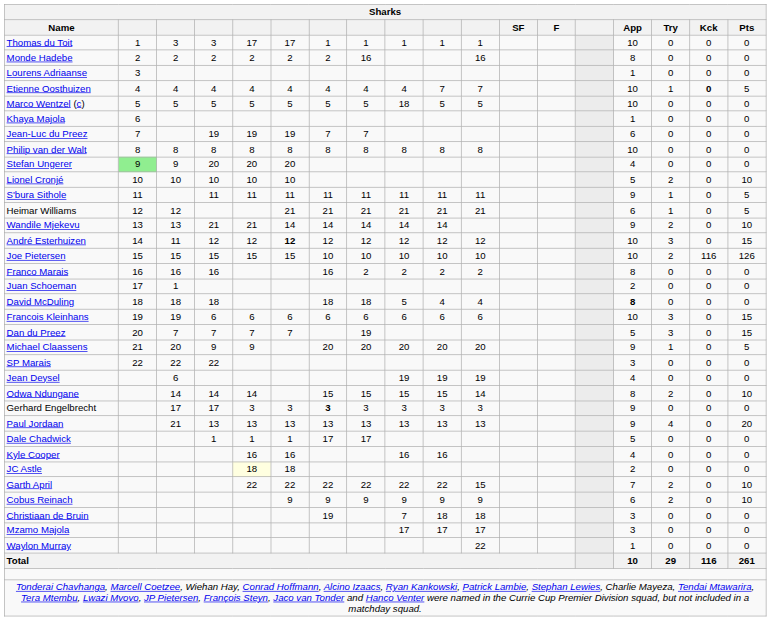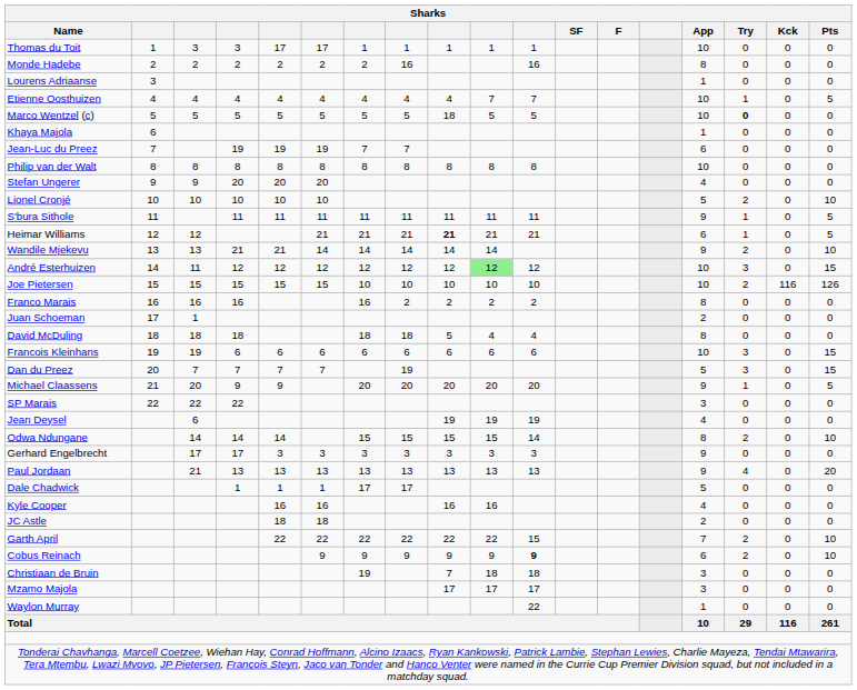 <table class="wikitable collapsible collapsed sortable" style="text-align:center; font-size:90%; width:90%">
 <tr>
 <th colspan="100%">Sharks</th>
 </tr>
 <tr>
 <th style="width:15%;">Name</th>
 <th style="width:5%;"></th>
 <th style="width:5%;"></th>
 <th style="width:5%;"></th>
 <th style="width:5%;"></th>
 <th style="width:5%;"></th>
 <th style="width:5%;"></th>
 <th style="width:5%;"></th>
 <th style="width:5%;"></th>
 <th style="width:5%;"></th>
 <th style="width:5%;"></th>
 <th style="width:5%;">SF</th>
 <th style="width:5%;">F</th>
 <th style="width:5%;"></th>
 <th style="width:5%;">App</th>
 <th style="width:5%;">Try</th>
 <th style="width:5%;">Kck</th>
 <th style="width:5%;">Pts</th>
 </tr>
 <tr>
 <td style="text-align:left;"><a href='#'>Thomas du Toit</a></td>
 <td>1</td>
 <td>3</td>
 <td>3</td>
 <td>17 </td>
 <td>17 </td>
 <td>1</td>
 <td>1</td>
 <td>1</td>
 <td>1</td>
 <td>1</td>
 <td></td>
 <td></td>
 <td style="background:#ECECEC;"></td>
 <td>10</td>
 <td>0</td>
 <td>0</td>
 <td>0</td>
 </tr>
 <tr>
 <td style="text-align:left;"><a href='#'>Monde Hadebe</a></td>
 <td>2</td>
 <td>2</td>
 <td>2</td>
 <td>2</td>
 <td>2</td>
 <td>2</td>
 <td>16 </td>
 <td></td>
 <td></td>
 <td>16 </td>
 <td></td>
 <td></td>
 <td style="background:#ECECEC;"></td>
 <td>8</td>
 <td>0</td>
 <td>0</td>
 <td>0</td>
 </tr>
 <tr>
 <td style="text-align:left;"><a href='#'>Lourens Adriaanse</a></td>
 <td>3</td>
 <td></td>
 <td></td>
 <td></td>
 <td></td>
 <td></td>
 <td></td>
 <td></td>
 <td></td>
 <td></td>
 <td></td>
 <td></td>
 <td style="background:#ECECEC;"></td>
 <td>1</td>
 <td>0</td>
 <td>0</td>
 <td>0</td>
 </tr>
 <tr>
 <td style="text-align:left;"><a href='#'>Etienne Oosthuizen</a></td>
 <td>4</td>
 <td>4</td>
 <td>4</td>
 <td>4</td>
 <td>4</td>
 <td>4</td>
 <td>4</td>
 <td>4</td>
 <td>7</td>
 <td>7</td>
 <td></td>
 <td></td>
 <td style="background:#ECECEC;"></td>
 <td>10</td>
 <td>1</td>
-<td><strong>0</strong></td>
+<td>0</td>
 <td>5</td>
 </tr>
 <tr>
 <td style="text-align:left;"><a href='#'>Marco Wentzel</a> (<a href='#'>c</a>)</td>
 <td>5</td>
 <td>5</td>
 <td>5</td>
 <td>5</td>
 <td>5</td>
 <td>5</td>
 <td>5</td>
 <td>18 </td>
 <td>5</td>
 <td>5</td>
 <td></td>
 <td></td>
 <td style="background:#ECECEC;"></td>
 <td>10</td>
-<td>0</td>
+<td><strong>0</strong></td>
 <td>0</td>
 <td>0</td>
 </tr>
 <tr>
 <td style="text-align:left;"><a href='#'>Khaya Majola</a></td>
 <td>6</td>
 <td></td>
 <td></td>
 <td></td>
 <td></td>
 <td></td>
 <td></td>
 <td></td>
 <td></td>
 <td></td>
 <td></td>
 <td></td>
 <td style="background:#ECECEC;"></td>
 <td>1</td>
 <td>0</td>
 <td>0</td>
 <td>0</td>
 </tr>
 <tr>
 <td style="text-align:left;"><a href='#'>Jean-Luc du Preez</a></td>
 <td>7</td>
 <td></td>
 <td>19 </td>
 <td>19 </td>
 <td>19 </td>
 <td>7</td>
 <td>7</td>
 <td></td>
 <td></td>
 <td></td>
 <td></td>
 <td></td>
 <td style="background:#ECECEC;"></td>
 <td>6</td>
 <td>0</td>
 <td>0</td>
 <td>0</td>
 </tr>
 <tr>
 <td style="text-align:left;"><a href='#'>Philip van der Walt</a></td>
 <td>8</td>
 <td>8</td>
 <td>8</td>
 <td>8</td>
 <td>8</td>
 <td>8</td>
 <td>8</td>
 <td>8</td>
 <td>8</td>
 <td>8</td>
 <td></td>
 <td></td>
 <td style="background:#ECECEC;"></td>
 <td>10</td>
 <td>0</td>
 <td>0</td>
 <td>0</td>
 </tr>
 <tr>
 <td style="text-align:left;"><a href='#'>Stefan Ungerer</a></td>
-<td style="background: lightgreen;">9</td>
+<td>9</td>
 <td>9</td>
 <td>20 </td>
 <td>20 </td>
 <td>20</td>
 <td></td>
 <td></td>
 <td></td>
 <td></td>
 <td></td>
 <td></td>
 <td></td>
 <td style="background:#ECECEC;"></td>
 <td>4</td>
 <td>0</td>
 <td>0</td>
 <td>0</td>
 </tr>
 <tr>
 <td style="text-align:left;"><a href='#'>Lionel Cronjé</a></td>
 <td>10</td>
 <td>10</td>
 <td>10</td>
 <td>10</td>
 <td>10</td>
 <td></td>
 <td></td>
 <td></td>
 <td></td>
 <td></td>
 <td></td>
 <td></td>
 <td style="background:#ECECEC;"></td>
 <td>5</td>
 <td>2</td>
 <td>0</td>
 <td>10</td>
 </tr>
 <tr>
 <td style="text-align:left;"><a href='#'>S'bura Sithole</a></td>
 <td>11</td>
 <td></td>
 <td>11</td>
 <td>11</td>
 <td>11</td>
 <td>11</td>
 <td>11</td>
 <td>11</td>
 <td>11</td>
 <td>11</td>
 <td></td>
 <td></td>
 <td style="background:#ECECEC;"></td>
 <td>9</td>
 <td>1</td>
 <td>0</td>
 <td>5</td>
 </tr>
 <tr>
 <td style="text-align:left;">Heimar Williams</td>
 <td>12</td>
 <td>12</td>
 <td></td>
 <td></td>
 <td>21</td>
 <td>21 </td>
 <td>21 </td>
-<td>21</td>
+<td><strong>21</strong></td>
 <td>21 </td>
 <td>21 </td>
 <td></td>
 <td></td>
 <td style="background:#ECECEC;"></td>
 <td>6</td>
 <td>1</td>
 <td>0</td>
 <td>5</td>
 </tr>
 <tr>
 <td style="text-align:left;"><a href='#'>Wandile Mjekevu</a></td>
 <td>13</td>
 <td>13</td>
 <td>21 </td>
 <td>21 </td>
 <td>14</td>
 <td>14</td>
 <td>14</td>
 <td>14</td>
 <td>14</td>
 <td></td>
 <td></td>
 <td></td>
 <td style="background:#ECECEC;"></td>
 <td>9</td>
 <td>2</td>
 <td>0</td>
 <td>10</td>
 </tr>
 <tr>
 <td style="text-align:left;"><a href='#'>André Esterhuizen</a></td>
 <td>14</td>
 <td>11</td>
 <td>12</td>
 <td>12</td>
-<td><strong>12</strong></td>
 <td>12</td>
 <td>12</td>
 <td>12</td>
 <td>12</td>
+<td style="background: lightgreen;">12</td>
 <td>12</td>
 <td></td>
 <td></td>
 <td style="background:#ECECEC;"></td>
 <td>10</td>
 <td>3</td>
 <td>0</td>
 <td>15</td>
 </tr>
 <tr>
 <td style="text-align:left;"><a href='#'>Joe Pietersen</a></td>
 <td>15</td>
 <td>15</td>
 <td>15</td>
 <td>15</td>
 <td>15</td>
 <td>10</td>
 <td>10</td>
 <td>10</td>
 <td>10</td>
 <td>10</td>
 <td></td>
 <td></td>
 <td style="background:#ECECEC;"></td>
 <td>10</td>
 <td>2</td>
 <td>116</td>
 <td>126</td>
 </tr>
 <tr>
 <td style="text-align:left;"><a href='#'>Franco Marais</a></td>
 <td>16 </td>
 <td>16 </td>
 <td>16 </td>
 <td></td>
 <td></td>
 <td>16 </td>
 <td>2</td>
 <td>2</td>
 <td>2</td>
 <td>2</td>
 <td></td>
 <td></td>
 <td style="background:#ECECEC;"></td>
 <td>8</td>
 <td>0</td>
 <td>0</td>
 <td>0</td>
 </tr>
 <tr>
 <td style="text-align:left;"><a href='#'>Juan Schoeman</a></td>
 <td>17 </td>
 <td>1</td>
 <td></td>
 <td></td>
 <td></td>
 <td></td>
 <td></td>
 <td></td>
 <td></td>
 <td></td>
 <td></td>
 <td></td>
 <td style="background:#ECECEC;"></td>
 <td>2</td>
 <td>0</td>
 <td>0</td>
 <td>0</td>
 </tr>
 <tr>
 <td style="text-align:left;"><a href='#'>David McDuling</a></td>
 <td>18 </td>
 <td>18 </td>
 <td>18 </td>
 <td></td>
 <td></td>
 <td>18 </td>
 <td>18 </td>
 <td>5</td>
 <td>4</td>
 <td>4</td>
 <td></td>
 <td></td>
 <td style="background:#ECECEC;"></td>
-<td><strong>8</strong></td>
+<td>8</td>
 <td>0</td>
 <td>0</td>
 <td>0</td>
 </tr>
 <tr>
 <td style="text-align:left;"><a href='#'>Francois Kleinhans</a></td>
 <td>19 </td>
 <td>19 </td>
 <td>6</td>
 <td>6</td>
 <td>6</td>
 <td>6</td>
 <td>6</td>
 <td>6</td>
 <td>6</td>
 <td>6</td>
 <td></td>
 <td></td>
 <td style="background:#ECECEC;"></td>
 <td>10</td>
 <td>3</td>
 <td>0</td>
 <td>15</td>
 </tr>
 <tr>
 <td style="text-align:left;"><a href='#'>Dan du Preez</a></td>
 <td>20 </td>
 <td>7</td>
 <td>7</td>
 <td>7</td>
 <td>7</td>
 <td></td>
 <td>19</td>
 <td></td>
 <td></td>
 <td></td>
 <td></td>
 <td></td>
 <td style="background:#ECECEC;"></td>
 <td>5</td>
 <td>3</td>
 <td>0</td>
 <td>15</td>
 </tr>
 <tr>
 <td style="text-align:left;"><a href='#'>Michael Claassens</a></td>
 <td>21 </td>
 <td>20 </td>
 <td>9</td>
 <td>9</td>
 <td></td>
 <td>20 </td>
 <td>20 </td>
 <td>20 </td>
 <td>20 </td>
 <td>20 </td>
 <td></td>
 <td></td>
 <td style="background:#ECECEC;"></td>
 <td>9</td>
 <td>1</td>
 <td>0</td>
 <td>5</td>
 </tr>
 <tr>
 <td style="text-align:left;"><a href='#'>SP Marais</a></td>
 <td>22 </td>
 <td>22 </td>
 <td>22 </td>
 <td></td>
 <td></td>
 <td></td>
 <td></td>
 <td></td>
 <td></td>
 <td></td>
 <td></td>
 <td></td>
 <td style="background:#ECECEC;"></td>
 <td>3</td>
 <td>0</td>
 <td>0</td>
 <td>0</td>
 </tr>
 <tr>
 <td style="text-align:left;"><a href='#'>Jean Deysel</a></td>
 <td></td>
 <td>6</td>
 <td></td>
 <td></td>
 <td></td>
 <td></td>
 <td></td>
 <td>19 </td>
 <td>19 </td>
 <td>19 </td>
 <td></td>
 <td></td>
 <td style="background:#ECECEC;"></td>
 <td>4</td>
 <td>0</td>
 <td>0</td>
 <td>0</td>
 </tr>
 <tr>
 <td style="text-align:left;"><a href='#'>Odwa Ndungane</a></td>
 <td></td>
 <td>14</td>
 <td>14</td>
 <td>14</td>
 <td></td>
 <td>15</td>
 <td>15</td>
 <td>15</td>
 <td>15</td>
 <td>14</td>
 <td></td>
 <td></td>
 <td style="background:#ECECEC;"></td>
 <td>8</td>
 <td>2</td>
 <td>0</td>
 <td>10</td>
 </tr>
 <tr>
 <td style="text-align:left;">Gerhard Engelbrecht</td>
 <td></td>
 <td>17 </td>
 <td>17 </td>
 <td>3</td>
 <td>3</td>
-<td><strong>3</strong></td>
+<td>3</td>
 <td>3</td>
 <td>3</td>
 <td>3</td>
 <td>3</td>
 <td></td>
 <td></td>
 <td style="background:#ECECEC;"></td>
 <td>9</td>
 <td>0</td>
 <td>0</td>
 <td>0</td>
 </tr>
 <tr>
 <td style="text-align:left;"><a href='#'>Paul Jordaan</a></td>
 <td></td>
 <td>21 </td>
 <td>13</td>
 <td>13</td>
 <td>13</td>
 <td>13</td>
 <td>13</td>
 <td>13</td>
 <td>13</td>
 <td>13</td>
 <td></td>
 <td></td>
 <td style="background:#ECECEC;"></td>
 <td>9</td>
 <td>4</td>
 <td>0</td>
 <td>20</td>
 </tr>
 <tr>
 <td style="text-align:left;"><a href='#'>Dale Chadwick</a></td>
 <td></td>
 <td></td>
 <td>1</td>
 <td>1</td>
 <td>1</td>
 <td>17 </td>
 <td>17 </td>
 <td></td>
 <td></td>
 <td></td>
 <td></td>
 <td></td>
 <td style="background:#ECECEC;"></td>
 <td>5</td>
 <td>0</td>
 <td>0</td>
 <td>0</td>
 </tr>
 <tr>
 <td style="text-align:left;"><a href='#'>Kyle Cooper</a></td>
 <td></td>
 <td></td>
 <td></td>
 <td>16 </td>
 <td>16 </td>
 <td></td>
 <td></td>
 <td>16 </td>
 <td>16 </td>
 <td></td>
 <td></td>
 <td></td>
 <td style="background:#ECECEC;"></td>
 <td>4</td>
 <td>0</td>
 <td>0</td>
 <td>0</td>
 </tr>
 <tr>
 <td style="text-align:left;"><a href='#'>JC Astle</a></td>
 <td></td>
 <td></td>
 <td></td>
-<td style="background: lightyellow;">18 </td>
+<td>18 </td>
 <td>18 </td>
 <td></td>
 <td></td>
 <td></td>
 <td></td>
 <td></td>
 <td></td>
 <td></td>
 <td style="background:#ECECEC;"></td>
 <td>2</td>
 <td>0</td>
 <td>0</td>
 <td>0</td>
 </tr>
 <tr>
 <td style="text-align:left;"><a href='#'>Garth April</a></td>
 <td></td>
 <td></td>
 <td></td>
 <td>22 </td>
 <td>22 </td>
 <td>22 </td>
 <td>22 </td>
 <td>22 </td>
 <td>22 </td>
 <td>15</td>
 <td></td>
 <td></td>
 <td style="background:#ECECEC;"></td>
 <td>7</td>
 <td>2</td>
 <td>0</td>
 <td>10</td>
 </tr>
 <tr>
 <td style="text-align:left;"><a href='#'>Cobus Reinach</a></td>
 <td></td>
 <td></td>
 <td></td>
 <td></td>
 <td>9</td>
 <td>9</td>
 <td>9</td>
 <td>9</td>
 <td>9</td>
-<td>9</td>
+<td><strong>9</strong></td>
 <td></td>
 <td></td>
 <td style="background:#ECECEC;"></td>
 <td>6</td>
 <td>2</td>
 <td>0</td>
 <td>10</td>
 </tr>
 <tr>
 <td style="text-align:left;"><a href='#'>Christiaan de Bruin</a></td>
 <td></td>
 <td></td>
 <td></td>
 <td></td>
 <td></td>
 <td>19 </td>
 <td></td>
 <td>7</td>
 <td>18 </td>
 <td>18</td>
 <td></td>
 <td></td>
 <td style="background:#ECECEC;"></td>
 <td>3</td>
 <td>0</td>
 <td>0</td>
 <td>0</td>
 </tr>
 <tr>
 <td style="text-align:left;"><a href='#'>Mzamo Majola</a></td>
 <td></td>
 <td></td>
 <td></td>
 <td></td>
 <td></td>
 <td></td>
 <td></td>
 <td>17 </td>
 <td>17 </td>
 <td>17 </td>
 <td></td>
 <td></td>
 <td style="background:#ECECEC;"></td>
 <td>3</td>
 <td>0</td>
 <td>0</td>
 <td>0</td>
 </tr>
 <tr>
 <td style="text-align:left;"><a href='#'>Waylon Murray</a></td>
 <td></td>
 <td></td>
 <td></td>
 <td></td>
 <td></td>
 <td></td>
 <td></td>
 <td></td>
 <td></td>
 <td>22 </td>
 <td></td>
 <td></td>
 <td style="background:#ECECEC;"></td>
 <td>1</td>
 <td>0</td>
 <td>0</td>
 <td>0</td>
 </tr>
 <tr>
 <th colspan="13" style="text-align:left;">Total</th>
 <th style="background:#ECECEC;"></th>
 <th>10</th>
 <th>29</th>
 <th>116</th>
 <th>261</th>
 </tr>
 <tr>
 <td colspan="100%" style="height: 10px;"></td>
 </tr>
 <tr>
 <td colspan="100%" style="text-align:center;"><em><a href='#'>Tonderai Chavhanga</a>, <a href='#'>Marcell Coetzee</a>, Wiehan Hay, <a href='#'>Conrad Hoffmann</a>, <a href='#'>Alcino Izaacs</a>, <a href='#'>Ryan Kankowski</a>, <a href='#'>Patrick Lambie</a>, <a href='#'>Stephan Lewies</a>, Charlie Mayeza, <a href='#'>Tendai Mtawarira</a>, <a href='#'>Tera Mtembu</a>, <a href='#'>Lwazi Mvovo</a>, <a href='#'>JP Pietersen</a>, <a href='#'>François Steyn</a>, <a href='#'>Jaco van Tonder</a> and <a href='#'>Hanco Venter</a> were named in the Currie Cup Premier Division squad, but not included in a matchday squad.</em></td>
 </tr>
 </table>
